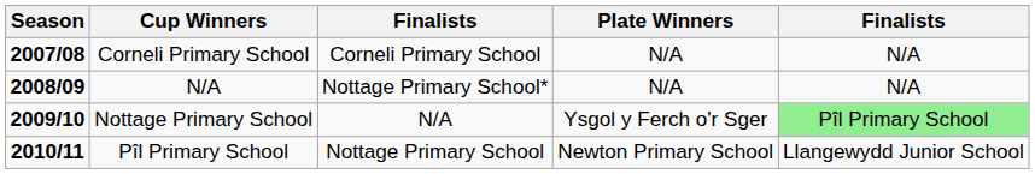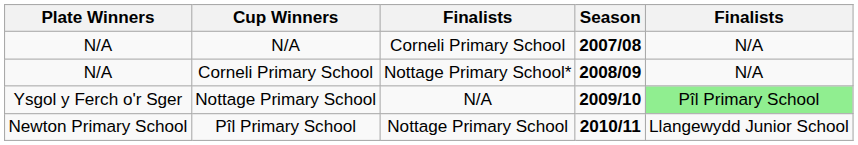 <table class="wikitable" style="text-align:center;">
 <tr>
-<th>Season</th>
+<th>Plate Winners</th>
 <th>Cup Winners</th>
 <th>Finalists</th>
-<th>Plate Winners</th>
+<th>Season</th>
 <th>Finalists</th>
 </tr>
 <tr>
+<td>N/A</td>
+<td>N/A</td>
+<td>Corneli Primary School</td>
 <td><strong>2007/08</strong></td>
-<td>Corneli Primary School</td>
-<td>Corneli Primary School</td>
-<td>N/A</td>
 <td>N/A</td>
 </tr>
 <tr>
+<td>N/A</td>
+<td>Corneli Primary School</td>
+<td>Nottage Primary School*</td>
 <td><strong>2008/09</strong></td>
-<td>N/A</td>
-<td>Nottage Primary School*</td>
-<td>N/A</td>
 <td>N/A</td>
 </tr>
 <tr>
-<td><strong>2009/10</strong></td>
+<td>Ysgol y Ferch o'r Sger</td>
 <td>Nottage Primary School</td>
 <td>N/A</td>
-<td>Ysgol y Ferch o'r Sger</td>
+<td><strong>2009/10</strong></td>
 <td style="background: lightgreen;">Pîl Primary School</td>
 </tr>
 <tr>
-<td><strong>2010/11</strong></td>
+<td>Newton Primary School</td>
 <td>Pîl Primary School</td>
 <td>Nottage Primary School</td>
-<td>Newton Primary School</td>
+<td><strong>2010/11</strong></td>
 <td>Llangewydd Junior School</td>
 </tr>
 </table>
